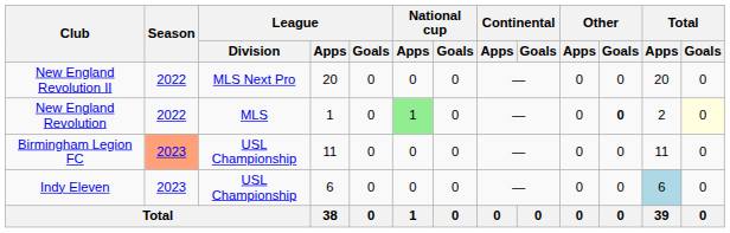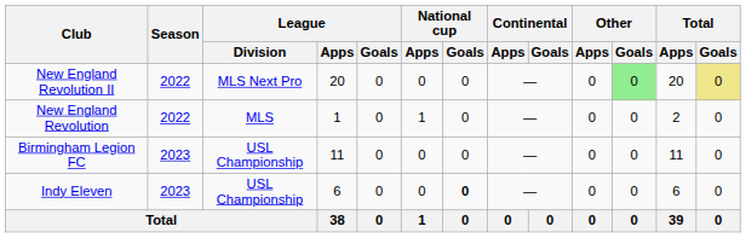 <table class="wikitable" style="text-align:center">
 <tr>
 <th rowspan="2">Club</th>
 <th rowspan="2">Season</th>
 <th colspan="3">League</th>
 <th colspan="2">National cup</th>
 <th colspan="2">Continental</th>
 <th colspan="2">Other</th>
 <th colspan="2">Total</th>
 </tr>
 <tr>
 <th>Division</th>
 <th>Apps</th>
 <th>Goals</th>
 <th>Apps</th>
 <th>Goals</th>
 <th>Apps</th>
 <th>Goals</th>
 <th>Apps</th>
 <th>Goals</th>
 <th>Apps</th>
 <th>Goals</th>
 </tr>
 <tr>
 <td><a href='#'>New England Revolution II</a></td>
 <td><a href='#'>2022</a></td>
 <td><a href='#'>MLS Next Pro</a></td>
 <td>20</td>
 <td>0</td>
 <td>0</td>
 <td>0</td>
 <td colspan="2">—</td>
 <td>0</td>
-<td>0</td>
+<td style="background: lightgreen;">0</td>
 <td>20</td>
-<td>0</td>
+<td style="background: khaki;">0</td>
 </tr>
 <tr>
 <td><a href='#'>New England Revolution</a></td>
 <td><a href='#'>2022</a></td>
 <td><a href='#'>MLS</a></td>
 <td>1</td>
 <td>0</td>
-<td style="background: lightgreen;">1</td>
+<td>1</td>
 <td>0</td>
 <td colspan="2">—</td>
 <td>0</td>
-<td><strong>0</strong></td>
+<td>0</td>
 <td>2</td>
-<td style="background: lightyellow;">0</td>
+<td>0</td>
 </tr>
 <tr>
 <td><a href='#'>Birmingham Legion FC</a></td>
-<td style="background: lightsalmon;"><a href='#'>2023</a></td>
+<td><a href='#'>2023</a></td>
 <td><a href='#'>USL Championship</a></td>
 <td>11</td>
 <td>0</td>
 <td>0</td>
 <td>0</td>
 <td colspan="2">—</td>
 <td>0</td>
 <td>0</td>
 <td>11</td>
 <td>0</td>
 </tr>
 <tr>
 <td><a href='#'>Indy Eleven</a></td>
 <td><a href='#'>2023</a></td>
 <td><a href='#'>USL Championship</a></td>
 <td>6</td>
 <td>0</td>
 <td>0</td>
-<td>0</td>
+<td><strong>0</strong></td>
 <td colspan="2">—</td>
 <td>0</td>
 <td>0</td>
-<td style="background: lightblue;">6</td>
+<td>6</td>
 <td>0</td>
 </tr>
 <tr>
 <th colspan="3">Total</th>
 <th>38</th>
 <th>0</th>
 <th>1</th>
 <th>0</th>
 <th>0</th>
 <th>0</th>
 <th>0</th>
 <th>0</th>
 <th>39</th>
 <th>0</th>
 </tr>
 </table>
